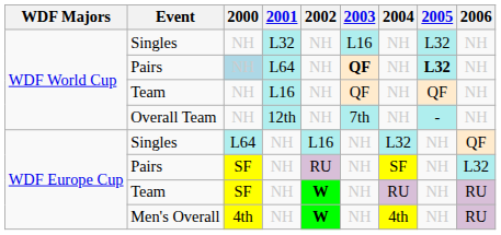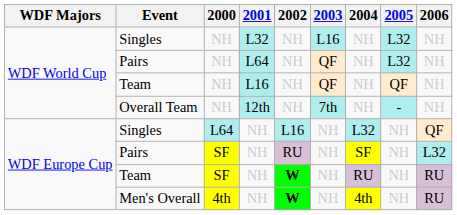 <table class="wikitable">
 <tr>
 <th>WDF Majors</th>
 <th>Event</th>
 <th>2000</th>
 <th><a href='#'>2001</a></th>
 <th>2002</th>
 <th><a href='#'>2003</a></th>
 <th>2004</th>
 <th><a href='#'>2005</a></th>
 <th>2006</th>
 </tr>
 <tr>
 <td rowspan=4><a href='#'>WDF World Cup</a></td>
 <td>Singles</td>
 <td style="text-align:center; color:#ccc;">NH</td>
 <td style="text-align:center; background:#afeeee;">L32</td>
 <td style="text-align:center; color:#ccc;">NH</td>
 <td style="text-align:center; background:#afeeee;">L16</td>
 <td style="text-align:center; color:#ccc;">NH</td>
 <td style="text-align:center; background:#afeeee;">L32</td>
 <td style="text-align:center; color:#ccc;">NH</td>
 </tr>
 <tr>
 <td>Pairs</td>
-<td style="background: lightblue; text-align:center; color:#ccc;">NH</td>
+<td style="text-align:center; color:#ccc;">NH</td>
 <td style="text-align:center; background:#afeeee;">L64</td>
 <td style="text-align:center; color:#ccc;">NH</td>
-<td style="text-align:center; background:#ffebcd;"><strong>QF</strong></td>
+<td style="text-align:center; background:#ffebcd;">QF</td>
 <td style="text-align:center; color:#ccc;">NH</td>
-<td style="text-align:center; background:#afeeee;"><strong>L32</strong></td>
+<td style="text-align:center; background:#afeeee;">L32</td>
 <td style="text-align:center; color:#ccc;">NH</td>
 </tr>
 <tr>
 <td>Team</td>
 <td style="text-align:center; color:#ccc;">NH</td>
 <td style="text-align:center; background:#afeeee;">L16</td>
 <td style="text-align:center; color:#ccc;">NH</td>
 <td style="text-align:center; background:#ffebcd;">QF</td>
 <td style="text-align:center; color:#ccc;">NH</td>
 <td style="text-align:center; background:#ffebcd;">QF</td>
 <td style="text-align:center; color:#ccc;">NH</td>
 </tr>
 <tr>
 <td>Overall Team</td>
 <td style="text-align:center; color:#ccc;">NH</td>
 <td style="text-align:center; background:#afeeee;">12th</td>
 <td style="text-align:center; color:#ccc;">NH</td>
 <td style="text-align:center; background:#afeeee;">7th</td>
 <td style="text-align:center; color:#ccc;">NH</td>
 <td style="text-align:center; background:#afeeee;">-</td>
 <td style="text-align:center; color:#ccc;">NH</td>
 </tr>
 <tr>
 <td rowspan=4><a href='#'>WDF Europe Cup</a></td>
 <td>Singles</td>
 <td style="text-align:center; background:#afeeee;">L64</td>
 <td style="text-align:center; color:#ccc;">NH</td>
 <td style="text-align:center; background:#afeeee;">L16</td>
 <td style="text-align:center; color:#ccc;">NH</td>
 <td style="text-align:center; background:#afeeee;">L32</td>
 <td style="text-align:center; color:#ccc;">NH</td>
 <td style="text-align:center; background:#ffebcd;">QF</td>
 </tr>
 <tr>
 <td>Pairs</td>
 <td style="text-align:center; background:yellow;">SF</td>
 <td style="text-align:center; color:#ccc;">NH</td>
 <td style="text-align:center; background:thistle;">RU</td>
 <td style="text-align:center; color:#ccc;">NH</td>
 <td style="text-align:center; background:yellow;">SF</td>
 <td style="text-align:center; color:#ccc;">NH</td>
 <td style="text-align:center; background:#afeeee;">L32</td>
 </tr>
 <tr>
 <td>Team</td>
 <td style="text-align:center; background:yellow;">SF</td>
 <td style="text-align:center; color:#ccc;">NH</td>
 <td style="text-align:center; background:lime;"><strong>W</strong></td>
 <td style="text-align:center; color:#ccc;">NH</td>
 <td style="text-align:center; background:thistle;">RU</td>
 <td style="text-align:center; color:#ccc;">NH</td>
 <td style="text-align:center; background:thistle;">RU</td>
 </tr>
 <tr>
 <td>Men's Overall</td>
 <td style="text-align:center; background:yellow;">4th</td>
 <td style="text-align:center; color:#ccc;">NH</td>
 <td style="text-align:center; background:lime;"><strong>W</strong></td>
 <td style="text-align:center; color:#ccc;">NH</td>
 <td style="text-align:center; background:yellow;">4th</td>
 <td style="text-align:center; color:#ccc;">NH</td>
 <td style="text-align:center; background:thistle;">RU</td>
 </tr>
 </table>
